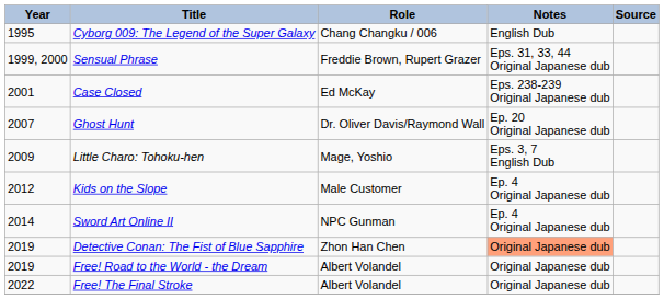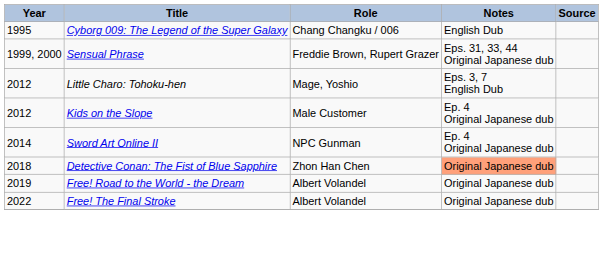 <table class="wikitable sortable plainrowheaders" style="width=95%;  font-size: 95%;">
 <tr>
 <th style="background:#b0c4de">Year</th>
 <th style="background:#b0c4de">Title</th>
 <th style="background:#b0c4de">Role</th>
 <th style="background:#b0c4de">Notes</th>
 <th style="background:#b0c4de">Source</th>
 </tr>
 <tr>
 <td>1995</td>
 <td><em><a href='#'>Cyborg 009: The Legend of the Super Galaxy</a></em></td>
 <td>Chang Changku / 006</td>
 <td>English Dub</td>
 <td></td>
 </tr>
 <tr>
 <td>1999, 2000</td>
 <td><em><a href='#'>Sensual Phrase</a></em></td>
 <td>Freddie Brown, Rupert Grazer</td>
 <td>Eps. 31, 33, 44<br>Original Japanese dub</td>
 <td></td>
 </tr>
 <tr>
-<td>2001</td>
-<td><em><a href='#'>Case Closed</a></em></td>
-<td>Ed McKay</td>
-<td>Eps. 238-239 <br> Original Japanese dub</td>
-<td></td>
-</tr>
-<tr>
-<td>2007</td>
-<td><em><a href='#'>Ghost Hunt</a></em></td>
-<td>Dr. Oliver Davis/Raymond Wall</td>
-<td>Ep. 20 <br> Original Japanese dub</td>
-<td></td>
-</tr>
-<tr>
-<td>2009</td>
+<td>2012</td>
 <td><em>Little Charo: Tohoku-hen</em></td>
 <td>Mage, Yoshio</td>
 <td>Eps. 3, 7<br>English Dub</td>
 <td></td>
 </tr>
 <tr>
 <td>2012</td>
 <td><em><a href='#'>Kids on the Slope</a></em></td>
 <td>Male Customer</td>
 <td>Ep. 4 <br> Original Japanese dub</td>
 <td></td>
 </tr>
 <tr>
 <td>2014</td>
 <td><em><a href='#'>Sword Art Online II</a></em></td>
 <td>NPC Gunman</td>
 <td>Ep. 4 <br> Original Japanese dub</td>
 <td></td>
 </tr>
 <tr>
-<td>2019</td>
+<td>2018</td>
 <td><em><a href='#'>Detective Conan: The Fist of Blue Sapphire</a></em></td>
 <td>Zhon Han Chen</td>
 <td style="background: lightsalmon;">Original Japanese dub</td>
 <td></td>
 </tr>
 <tr>
 <td>2019</td>
 <td><em><a href='#'>Free! Road to the World - the Dream</a></em></td>
 <td>Albert Volandel</td>
 <td>Original Japanese dub</td>
 <td></td>
 </tr>
 <tr>
 <td>2022</td>
 <td><em><a href='#'>Free! The Final Stroke</a></em></td>
 <td>Albert Volandel</td>
 <td>Original Japanese dub</td>
 <td></td>
 </tr>
 <tr>
 </tr>
 </table>
